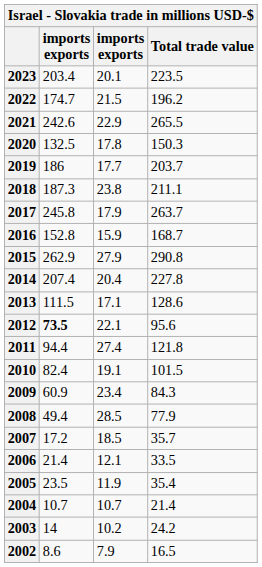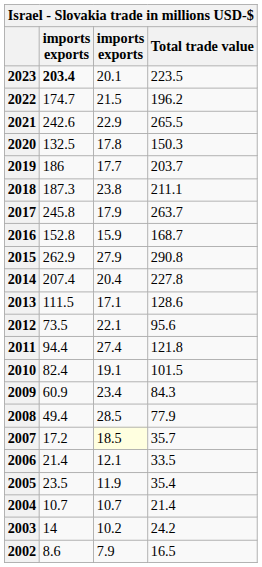 <table class="wikitable mw-collapsible mw-collapsed">
 <tr>
 <th colspan="4">Israel - Slovakia trade in millions USD-$</th>
 </tr>
 <tr>
 <th></th>
 <th> imports<br> exports</th>
 <th> imports<br> exports</th>
 <th>Total trade value</th>
 </tr>
 <tr>
 <th>2023</th>
-<td>203.4</td>
+<td><strong>203.4</strong></td>
 <td>20.1</td>
 <td>223.5</td>
 </tr>
 <tr>
 <th>2022</th>
 <td>174.7</td>
 <td>21.5</td>
 <td>196.2</td>
 </tr>
 <tr>
 <th>2021</th>
 <td>242.6</td>
 <td>22.9</td>
 <td>265.5</td>
 </tr>
 <tr>
 <th>2020</th>
 <td>132.5</td>
 <td>17.8</td>
 <td>150.3</td>
 </tr>
 <tr>
 <th>2019</th>
 <td>186</td>
 <td>17.7</td>
 <td>203.7</td>
 </tr>
 <tr>
 <th>2018</th>
 <td>187.3</td>
 <td>23.8</td>
 <td>211.1</td>
 </tr>
 <tr>
 <th>2017</th>
 <td>245.8</td>
 <td>17.9</td>
 <td>263.7</td>
 </tr>
 <tr>
 <th>2016</th>
 <td>152.8</td>
 <td>15.9</td>
 <td>168.7</td>
 </tr>
 <tr>
 <th>2015</th>
 <td>262.9</td>
 <td>27.9</td>
 <td>290.8</td>
 </tr>
 <tr>
 <th>2014</th>
 <td>207.4</td>
 <td>20.4</td>
 <td>227.8</td>
 </tr>
 <tr>
 <th>2013</th>
 <td>111.5</td>
 <td>17.1</td>
 <td>128.6</td>
 </tr>
 <tr>
 <th>2012</th>
-<td><strong>73.5</strong></td>
+<td>73.5</td>
 <td>22.1</td>
 <td>95.6</td>
 </tr>
 <tr>
 <th>2011</th>
 <td>94.4</td>
 <td>27.4</td>
 <td>121.8</td>
 </tr>
 <tr>
 <th>2010</th>
 <td>82.4</td>
 <td>19.1</td>
 <td>101.5</td>
 </tr>
 <tr>
 <th>2009</th>
 <td>60.9</td>
 <td>23.4</td>
 <td>84.3</td>
 </tr>
 <tr>
 <th>2008</th>
 <td>49.4</td>
 <td>28.5</td>
 <td>77.9</td>
 </tr>
 <tr>
 <th>2007</th>
 <td>17.2</td>
-<td>18.5</td>
+<td style="background: lightyellow;">18.5</td>
 <td>35.7</td>
 </tr>
 <tr>
 <th>2006</th>
 <td>21.4</td>
 <td>12.1</td>
 <td>33.5</td>
 </tr>
 <tr>
 <th>2005</th>
 <td>23.5</td>
 <td>11.9</td>
 <td>35.4</td>
 </tr>
 <tr>
 <th>2004</th>
 <td>10.7</td>
 <td>10.7</td>
 <td>21.4</td>
 </tr>
 <tr>
 <th>2003</th>
 <td>14</td>
 <td>10.2</td>
 <td>24.2</td>
 </tr>
 <tr>
 <th>2002</th>
 <td>8.6</td>
 <td>7.9</td>
 <td>16.5</td>
 </tr>
 </table>
